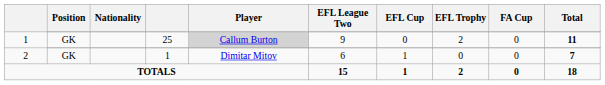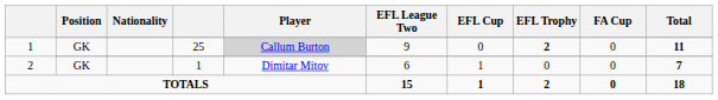 <table class="wikitable" style="font-size: 95%; text-align: center;">
 <tr>
 <th width=60></th>
 <th width=60>Position</th>
 <th width=80>Nationality</th>
 <th width=60></th>
 <th width=180>Player</th>
 <th width=100>EFL League Two</th>
 <th width=80>EFL Cup</th>
 <th width=80>EFL Trophy</th>
 <th width=80>FA Cup</th>
 <th width=80>Total</th>
 </tr>
 <tr>
 <td rowspan="2">1</td>
 </tr>
 <tr>
 <td>GK</td>
 <td></td>
 <td>25</td>
 <td style="background: lightgrey;"><a href='#'>Callum Burton</a></td>
 <td>9</td>
 <td>0</td>
-<td>2</td>
+<td><strong>2</strong></td>
 <td>0</td>
 <td><strong>11</strong></td>
 </tr>
 <tr>
 <td rowspan="2">2</td>
 </tr>
 <tr>
 <td>GK</td>
 <td></td>
 <td>1</td>
 <td><a href='#'>Dimitar Mitov</a></td>
 <td>6</td>
 <td>1</td>
 <td>0</td>
 <td>0</td>
 <td><strong>7</strong></td>
 </tr>
 <tr>
 <td colspan=5><strong>TOTALS</strong></td>
 <td><strong>15</strong></td>
 <td><strong>1</strong></td>
 <td><strong>2</strong></td>
 <td><strong>0</strong></td>
 <td><strong>18</strong></td>
 </tr>
 </table>
